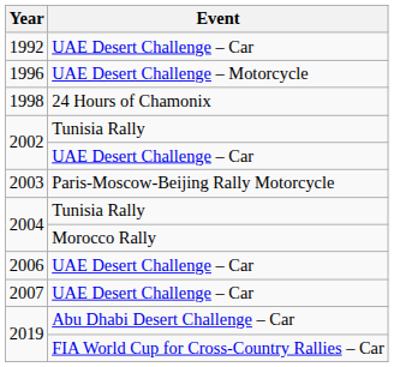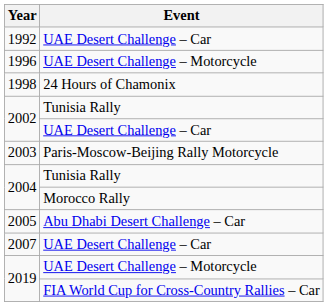 <table class="wikitable">
 <tr>
 <th>Year</th>
 <th>Event</th>
 </tr>
 <tr>
 <td>1992</td>
 <td><a href='#'>UAE Desert Challenge</a> – Car</td>
 </tr>
 <tr>
 <td>1996</td>
 <td><a href='#'>UAE Desert Challenge</a> – Motorcycle</td>
 </tr>
 <tr>
 <td>1998</td>
 <td>24 Hours of Chamonix</td>
 </tr>
 <tr>
 <td rowspan=2>2002</td>
 <td>Tunisia Rally</td>
 </tr>
 <tr>
 <td><a href='#'>UAE Desert Challenge</a> – Car</td>
 </tr>
 <tr>
 <td>2003</td>
 <td>Paris-Moscow-Beijing Rally  Motorcycle</td>
 </tr>
 <tr>
 <td rowspan=2>2004</td>
 <td>Tunisia Rally</td>
 </tr>
 <tr>
 <td>Morocco Rally</td>
 </tr>
 <tr>
-<td>2006</td>
-<td><a href='#'>UAE Desert Challenge</a> – Car</td>
+<td>2005</td>
+<td><a href='#'>Abu Dhabi Desert Challenge</a> – Car</td>
 </tr>
 <tr>
 <td>2007</td>
 <td><a href='#'>UAE Desert Challenge</a> – Car</td>
 </tr>
 <tr>
 <td rowspan=2>2019</td>
-<td><a href='#'>Abu Dhabi Desert Challenge</a> – Car</td>
+<td><a href='#'>UAE Desert Challenge</a> – Motorcycle</td>
 </tr>
 <tr>
 <td><a href='#'>FIA World Cup for Cross-Country Rallies</a> – Car</td>
 </tr>
 </table>
